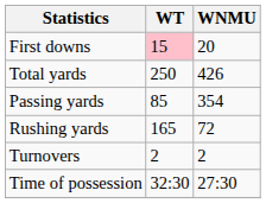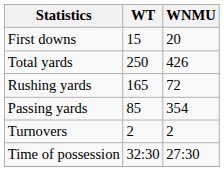 <table class="wikitable">
 <tr>
 <th>Statistics</th>
 <th>WT</th>
 <th>WNMU</th>
 </tr>
 <tr>
 <td>First downs</td>
-<td style="background: pink;">15</td>
+<td>15</td>
 <td>20</td>
 </tr>
 <tr>
 <td>Total yards</td>
 <td>250</td>
 <td>426</td>
 </tr>
 <tr>
+<td>Rushing yards</td>
+<td>165</td>
+<td>72</td>
+</tr>
+<tr>
 <td>Passing yards</td>
 <td>85</td>
 <td>354</td>
-</tr>
-<tr>
-<td>Rushing yards</td>
-<td>165</td>
-<td>72</td>
 </tr>
 <tr>
 <td>Turnovers</td>
 <td>2</td>
 <td>2</td>
 </tr>
 <tr>
 <td>Time of possession</td>
 <td>32:30</td>
 <td>27:30</td>
 </tr>
 <tr>
 </tr>
 </table>
